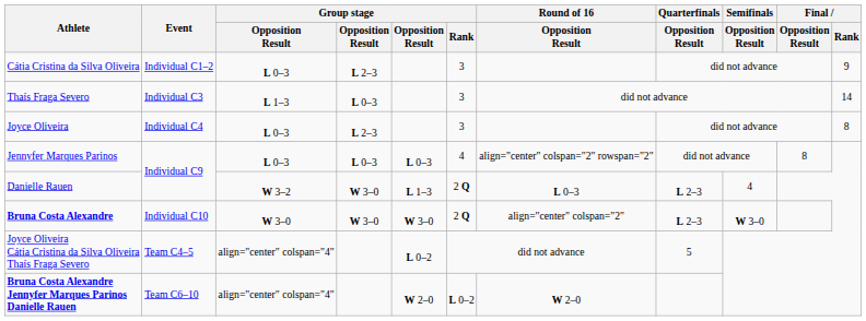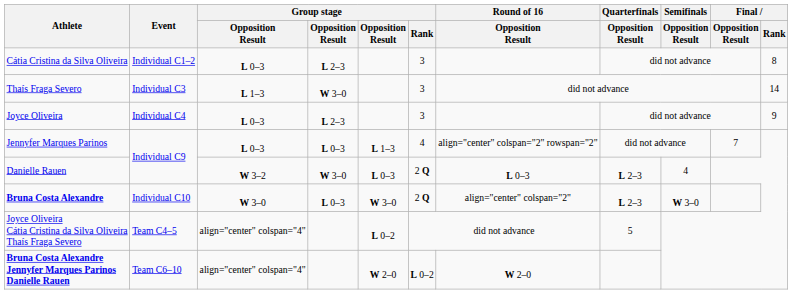 <table class=wikitable style="text-align: center; font-size:90%">
 <tr>
 <th rowspan="2">Athlete</th>
 <th rowspan="2">Event</th>
 <th colspan="4">Group stage</th>
 <th>Round of 16</th>
 <th>Quarterfinals</th>
 <th>Semifinals</th>
 <th colspan="2">Final / </th>
 </tr>
 <tr>
 <th>Opposition<br>Result</th>
 <th>Opposition<br>Result</th>
 <th>Opposition<br>Result</th>
 <th>Rank</th>
 <th>Opposition<br>Result</th>
 <th>Opposition<br>Result</th>
 <th>Opposition<br>Result</th>
 <th>Opposition<br>Result</th>
 <th>Rank</th>
 </tr>
 <tr>
 <td align=left><a href='#'>Cátia Cristina da Silva Oliveira</a></td>
 <td align=left><a href='#'>Individual C1–2</a></td>
 <td><br> <strong>L</strong> 0–3</td>
 <td><br> <strong>L</strong> 2–3</td>
 <td></td>
 <td>3</td>
 <td></td>
 <td colspan="3">did not advance</td>
-<td>9</td>
+<td>8</td>
 </tr>
 <tr>
 <td align=left><a href='#'>Thaís Fraga Severo</a></td>
 <td align=left><a href='#'>Individual C3</a></td>
 <td><br> <strong>L</strong> 1–3</td>
-<td><br> <strong>L</strong> 0–3</td>
+<td><br> <strong>W</strong> 3–0</td>
 <td></td>
 <td>3</td>
 <td colspan="4">did not advance</td>
 <td>14</td>
 </tr>
 <tr>
 <td align=left><a href='#'>Joyce Oliveira</a></td>
 <td align=left><a href='#'>Individual C4</a></td>
 <td><br> <strong>L</strong> 0–3</td>
 <td><br> <strong>L</strong> 2–3</td>
 <td></td>
 <td>3</td>
 <td></td>
 <td colspan="3">did not advance</td>
-<td>8</td>
+<td>9</td>
 </tr>
 <tr>
 <td align=left><a href='#'>Jennyfer Marques Parinos</a></td>
 <td align=left rowspan=2><a href='#'>Individual C9</a></td>
 <td><br> <strong>L</strong> 0–3</td>
 <td><br> <strong>L</strong> 0–3</td>
-<td><br> <strong>L</strong> 0–3</td>
+<td><br> <strong>L</strong> 1–3</td>
 <td>4</td>
 <td>align="center" colspan="2" rowspan="2" </td>
 <td colspan="2">did not advance</td>
-<td>8</td>
+<td>7</td>
 </tr>
 <tr>
 <td align=left><a href='#'>Danielle Rauen</a></td>
 <td><br> <strong>W</strong> 3–2</td>
 <td><br> <strong>W</strong> 3–0</td>
-<td><br> <strong>L</strong> 1–3</td>
+<td><br> <strong>L</strong> 0–3</td>
 <td>2 <strong>Q</strong></td>
 <td><br> <strong>L</strong> 0–3</td>
 <td><br> <strong>L</strong> 2–3</td>
 <td>4</td>
 </tr>
 <tr>
 <td align=left><strong><a href='#'>Bruna Costa Alexandre</a></strong></td>
 <td align=left><a href='#'>Individual C10</a></td>
 <td><br> <strong>W</strong> 3–0</td>
-<td><br> <strong>W</strong> 3–0</td>
+<td><br> <strong>L</strong> 0–3</td>
 <td><br> <strong>W</strong> 3–0</td>
 <td>2 <strong>Q</strong></td>
 <td>align="center" colspan="2" </td>
 <td><br> <strong>L</strong> 2–3</td>
 <td><br> <strong>W</strong> 3–0</td>
 <td></td>
 </tr>
 <tr>
 <td align=left><a href='#'>Joyce Oliveira</a><br><a href='#'>Cátia Cristina da Silva Oliveira</a><br><a href='#'>Thaís Fraga Severo</a></td>
 <td align=left><a href='#'>Team C4–5</a></td>
 <td>align="center" colspan="4" </td>
 <td></td>
 <td><br> <strong>L</strong> 0–2</td>
 <td colspan="2">did not advance</td>
 <td>5</td>
 </tr>
 <tr>
 <td align=left><strong><a href='#'>Bruna Costa Alexandre</a><br><a href='#'>Jennyfer Marques Parinos</a><br><a href='#'>Danielle Rauen</a></strong></td>
 <td align=left><a href='#'>Team C6–10</a></td>
 <td>align="center" colspan="4" </td>
 <td></td>
 <td><br> <strong>W</strong> 2–0</td>
 <td><br> <strong>L</strong> 0–2</td>
 <td><br> <strong>W</strong> 2–0</td>
 <td></td>
 </tr>
 </table>
